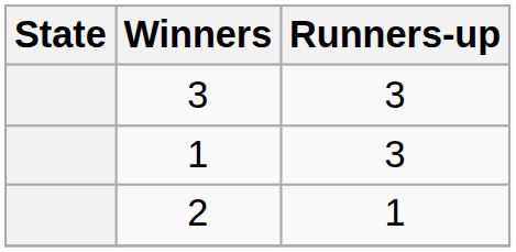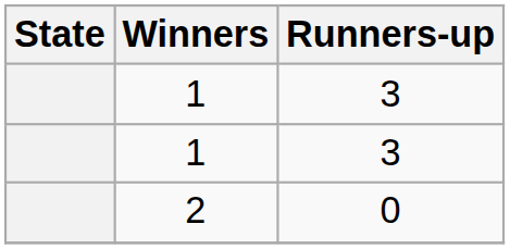 <table class="wikitable plainrowheaders sortable">
 <tr>
 <th scope="col">State</th>
 <th scope="col">Winners</th>
 <th scope="col">Runners-up</th>
 </tr>
 <tr>
 <th scope="row"></th>
-<td align=center>3</td>
+<td align=center>1</td>
 <td align=center>3</td>
 </tr>
 <tr>
 <th scope="row"></th>
 <td align=center>1</td>
 <td align=center>3</td>
 </tr>
 <tr>
 <th scope="row"></th>
 <td align=center>2</td>
-<td align=center>1</td>
+<td align=center>0</td>
 </tr>
 <tr>
 </tr>
 </table>
